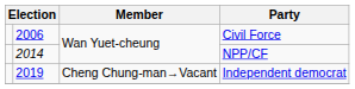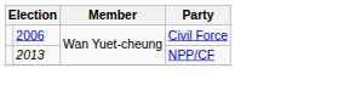 <table class="wikitable">
 <tr>
 <th colspan="2">Election</th>
 <th>Member</th>
 <th>Party</th>
 </tr>
 <tr>
 <td style="color:inherit;background:"></td>
 <td><a href='#'>2006</a></td>
 <td rowspan=2>Wan Yuet-cheung</td>
 <td><a href='#'>Civil Force</a></td>
 </tr>
 <tr>
 <td style="color:inherit;background:"></td>
-<td><em>2014</em></td>
+<td><em>2013</em></td>
 <td><a href='#'>NPP/CF</a></td>
-</tr>
-<tr>
-<td style="color:inherit;background:"></td>
-<td><a href='#'>2019</a></td>
-<td>Cheng Chung-man→Vacant</td>
-<td><a href='#'>Independent democrat</a></td>
 </tr>
 <tr>
 </tr>
 </table>
